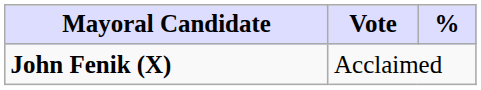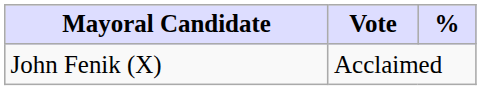 <table class="wikitable">
 <tr>
 <th style="background:#ddf; width:200px;">Mayoral Candidate </th>
 <th style="background:#ddf; width:50px;">Vote</th>
 <th style="background:#ddf; width:30px;">%</th>
 </tr>
 <tr>
-<td><strong>John Fenik (X)</strong></td>
+<td>John Fenik (X)</td>
 <td colspan="2">Acclaimed</td>
 </tr>
 </table>
